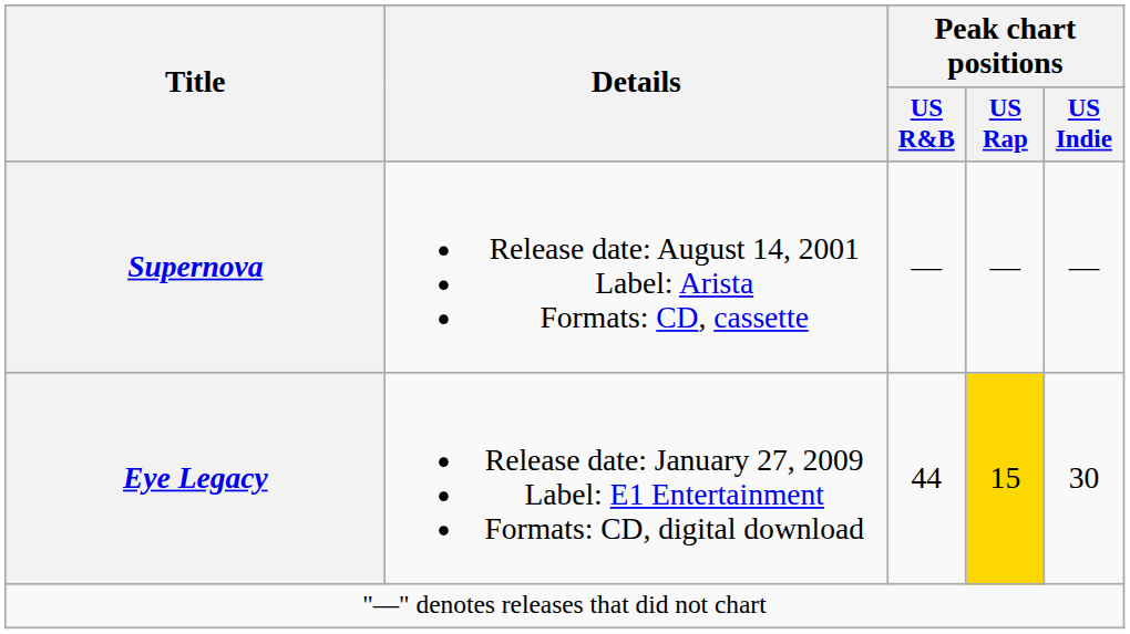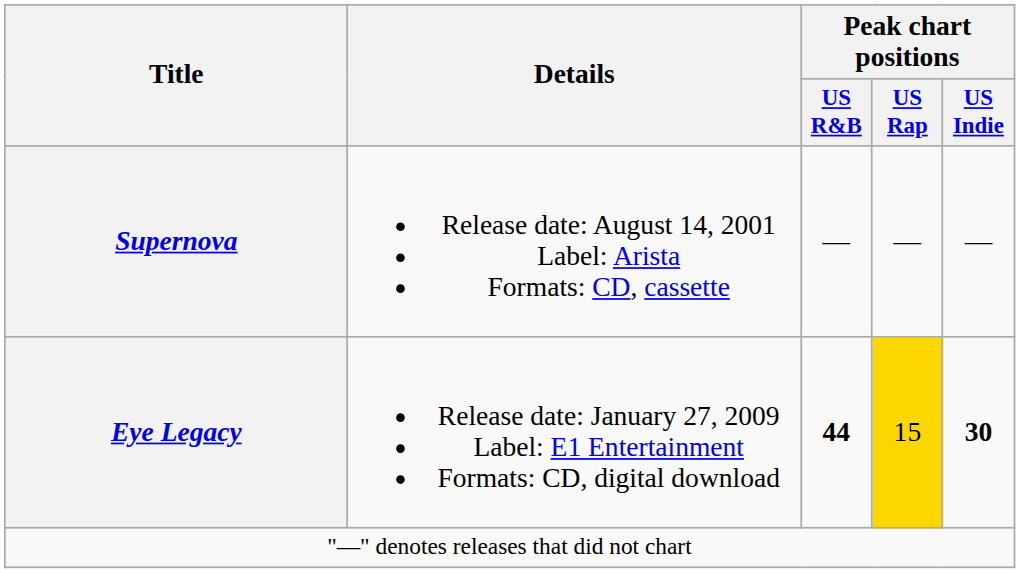 <table class="wikitable plainrowheaders" style="text-align:center;">
 <tr>
 <th rowspan="2" style="width:12em;">Title</th>
 <th rowspan="2" style="width:16em;">Details</th>
 <th colspan="3">Peak chart<br>positions</th>
 </tr>
 <tr style="font-size:smaller;">
 <th style="width:35px;"><a href='#'>US R&B</a><br></th>
 <th style="width:35px;"><a href='#'>US Rap</a><br></th>
 <th style="width:35px;"><a href='#'>US Indie</a><br></th>
 </tr>
 <tr>
 <th scope="row"><em><a href='#'>Supernova</a></em></th>
 <td><br><ul><li>Release date: August 14, 2001</li><li>Label: <a href='#'>Arista</a></li><li>Formats: <a href='#'>CD</a>, <a href='#'>cassette</a></li></ul></td>
 <td>—</td>
 <td>—</td>
 <td>—</td>
 </tr>
 <tr>
 <th scope="row"><em><a href='#'>Eye Legacy</a></em></th>
 <td><br><ul><li>Release date: January 27, 2009</li><li>Label: <a href='#'>E1 Entertainment</a></li><li>Formats: CD, digital download</li></ul></td>
-<td>44</td>
+<td><strong>44</strong></td>
 <td style="background: gold;">15</td>
-<td>30</td>
+<td><strong>30</strong></td>
 </tr>
 <tr>
 <td colspan="10" style="font-size:85%">"—" denotes releases that did not chart</td>
 </tr>
 </table>
